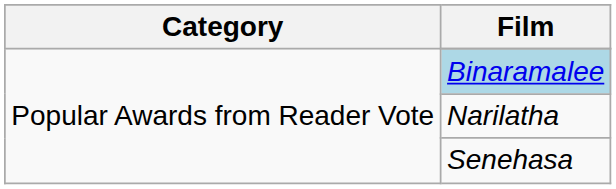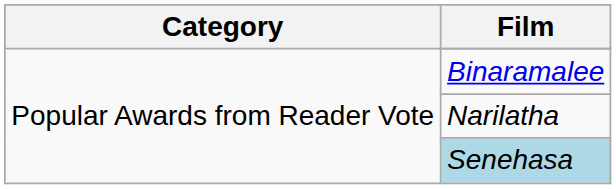 <table class="wikitable plainrowheaders sortable">
 <tr>
 <th scope="col">Category</th>
 <th scope="col">Film</th>
 </tr>
 <tr>
 <td rowspan=4>Popular Awards from Reader Vote</td>
 </tr>
 <tr>
-<td style="background: lightblue;"><em><a href='#'>Binaramalee</a></em></td>
+<td><em><a href='#'>Binaramalee</a></em></td>
 </tr>
 <tr>
 <td><em>Narilatha</em></td>
 </tr>
 <tr>
-<td><em>Senehasa</em></td>
+<td style="background: lightblue;"><em>Senehasa</em></td>
 </tr>
 </table>
